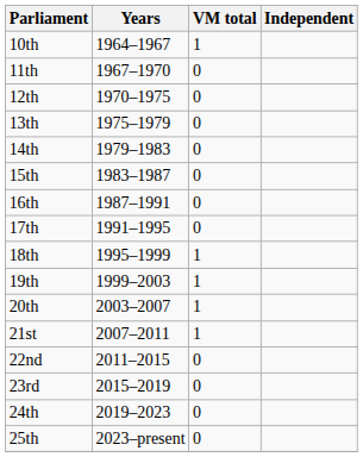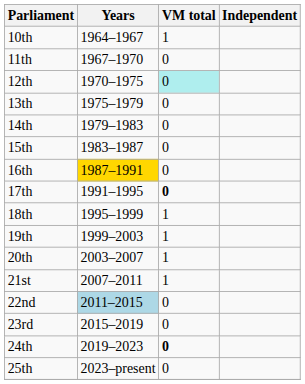 <table class="wikitable sortable">
 <tr>
 <th data-sort-type="number">Parliament</th>
 <th>Years</th>
 <th>VM total</th>
 <th>Independent</th>
 </tr>
 <tr>
 <td>10th</td>
 <td>1964–1967</td>
 <td>1</td>
 <td></td>
 </tr>
 <tr>
 <td>11th</td>
 <td>1967–1970</td>
 <td>0</td>
 <td></td>
 </tr>
 <tr>
 <td>12th</td>
 <td>1970–1975</td>
-<td>0</td>
+<td style="background: paleturquoise;">0</td>
 <td></td>
 </tr>
 <tr>
 <td>13th</td>
 <td>1975–1979</td>
 <td>0</td>
 <td></td>
 </tr>
 <tr>
 <td>14th</td>
 <td>1979–1983</td>
 <td>0</td>
 <td></td>
 </tr>
 <tr>
 <td>15th</td>
 <td>1983–1987</td>
 <td>0</td>
 <td></td>
 </tr>
 <tr>
 <td>16th</td>
-<td>1987–1991</td>
+<td style="background: gold;">1987–1991</td>
 <td>0</td>
 <td></td>
 </tr>
 <tr>
 <td>17th</td>
 <td>1991–1995</td>
-<td>0</td>
+<td><strong>0</strong></td>
 <td></td>
 </tr>
 <tr>
 <td>18th</td>
 <td>1995–1999</td>
 <td>1</td>
 <td></td>
 </tr>
 <tr>
 <td>19th</td>
 <td>1999–2003</td>
 <td>1</td>
 <td></td>
 </tr>
 <tr>
 <td>20th</td>
 <td>2003–2007</td>
 <td>1</td>
 <td></td>
 </tr>
 <tr>
 <td>21st</td>
 <td>2007–2011</td>
 <td>1</td>
 <td></td>
 </tr>
 <tr>
 <td>22nd</td>
-<td>2011–2015</td>
+<td style="background: lightblue;">2011–2015</td>
 <td>0</td>
 <td></td>
 </tr>
 <tr>
 <td>23rd</td>
 <td>2015–2019</td>
 <td>0</td>
 <td></td>
 </tr>
 <tr>
 <td>24th</td>
 <td>2019–2023</td>
-<td>0</td>
+<td><strong>0</strong></td>
 <td></td>
 </tr>
 <tr>
 <td>25th</td>
 <td>2023–present</td>
 <td>0</td>
 <td></td>
 </tr>
 <tr>
 </tr>
 </table>
